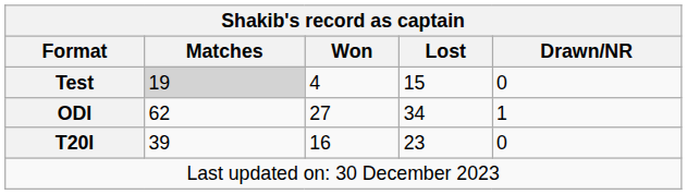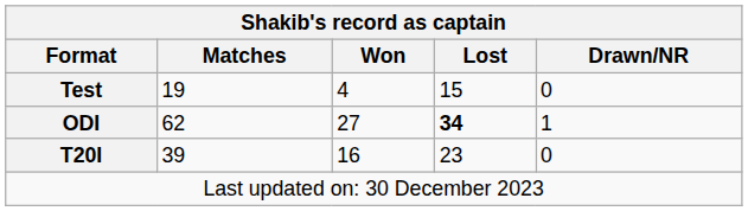 <table class="wikitable" style="float: right; margin-left: 1em; width: 40%; font-size: 90%;" cellspacing="5">
 <tr>
 <th colspan="6">Shakib's record as captain</th>
 </tr>
 <tr>
 <th>Format</th>
 <th>Matches</th>
 <th>Won</th>
 <th>Lost</th>
 <th>Drawn/NR</th>
 </tr>
 <tr>
 <th scope="row">Test</th>
-<td style="background: lightgrey;">19</td>
+<td>19</td>
 <td>4</td>
 <td>15</td>
 <td>0</td>
 </tr>
 <tr>
 <th scope="row">ODI</th>
 <td>62</td>
 <td>27</td>
-<td>34</td>
+<td><strong>34</strong></td>
 <td>1</td>
 </tr>
 <tr>
 <th scope="row">T20I</th>
 <td>39</td>
 <td>16</td>
 <td>23</td>
 <td>0</td>
 </tr>
 <tr>
 <td colspan=5; align=center>Last updated on: 30 December 2023</td>
 </tr>
 </table>
